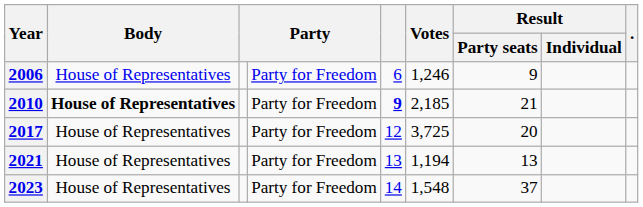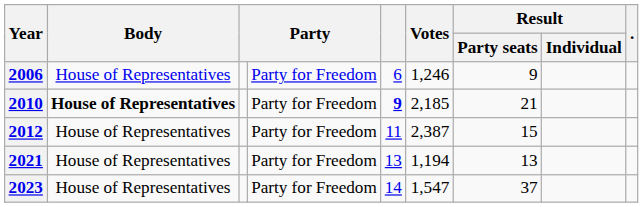 <table class="wikitable plainrowheaders sortable" border=2 cellpadding=4 cellspacing=0 style="border: 1px #aaa solid; font-size: 90%; text-align:center;">
 <tr>
 <th scope="col" rowspan=2>Year</th>
 <th scope="col" rowspan=2>Body</th>
 <th scope="col" colspan=2 rowspan=2>Party</th>
 <th scope="col" rowspan=2></th>
 <th scope="col" rowspan=2>Votes</th>
 <th scope="colgroup" colspan=2>Result</th>
 <th scope="col" rowspan=2 class="unsortable">.</th>
 </tr>
 <tr>
 <th scope="col">Party seats</th>
 <th scope="col">Individual</th>
 </tr>
 <tr>
 <th scope="row"><a href='#'>2006</a></th>
 <td><a href='#'>House of Representatives</a></td>
 <td style="background-color:"></td>
 <td><a href='#'>Party for Freedom</a></td>
 <td style=text-align:right><a href='#'>6</a></td>
 <td style=text-align:right>1,246</td>
 <td style=text-align:right>9</td>
 <td></td>
 <td></td>
 </tr>
 <tr>
 <th scope="row"><a href='#'>2010</a></th>
 <td><strong>House of Representatives</strong></td>
 <td style="background-color:"></td>
 <td>Party for Freedom</td>
 <td style=text-align:right><strong><a href='#'>9</a></strong></td>
 <td style=text-align:right>2,185</td>
 <td style=text-align:right>21</td>
 <td></td>
 <td></td>
 </tr>
 <tr>
-<th scope="row"><a href='#'>2017</a></th>
+<th scope="row"><a href='#'>2012</a></th>
 <td>House of Representatives</td>
 <td style="background-color:"></td>
 <td>Party for Freedom</td>
-<td style=text-align:right><a href='#'>12</a></td>
-<td style=text-align:right>3,725</td>
-<td style=text-align:right>20</td>
+<td style=text-align:right><a href='#'>11</a></td>
+<td style=text-align:right>2,387</td>
+<td style=text-align:right>15</td>
 <td></td>
 <td></td>
 </tr>
 <tr>
 <th scope="row"><a href='#'>2021</a></th>
 <td>House of Representatives</td>
 <td style="background-color:"></td>
 <td>Party for Freedom</td>
 <td style=text-align:right><a href='#'>13</a></td>
 <td style=text-align:right>1,194</td>
 <td style=text-align:right>13</td>
 <td></td>
 <td></td>
 </tr>
 <tr>
 <th scope="row"><a href='#'>2023</a></th>
 <td>House of Representatives</td>
 <td style="background-color:"></td>
 <td>Party for Freedom</td>
 <td style=text-align:right><a href='#'>14</a></td>
-<td style=text-align:right>1,548</td>
+<td style=text-align:right>1,547</td>
 <td style=text-align:right>37</td>
 <td></td>
 <td></td>
 </tr>
 </table>
